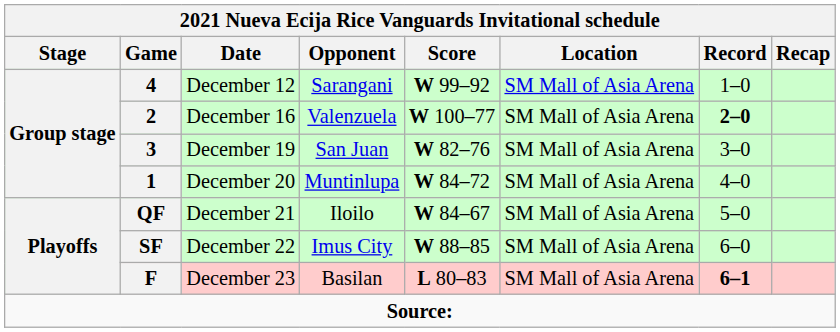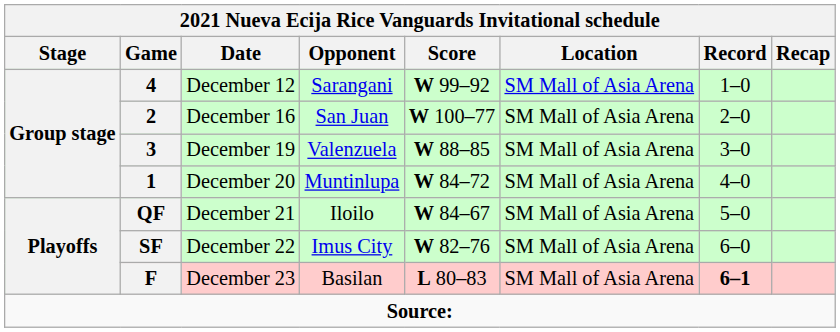 <table class="wikitable" style="text-align:center">
 <tr>
 <th colspan=8>2021 Nueva Ecija Rice Vanguards Invitational schedule</th>
 </tr>
 <tr>
 <th>Stage</th>
 <th>Game</th>
 <th>Date</th>
 <th>Opponent</th>
 <th>Score</th>
 <th>Location</th>
 <th>Record</th>
 <th>Recap<br></th>
 </tr>
 <tr style="background:#cfc">
 <th rowspan=4>Group stage</th>
 <th>4</th>
 <td>December 12</td>
 <td><a href='#'>Sarangani</a></td>
 <td><strong>W</strong> 99–92</td>
 <td><a href='#'>SM Mall of Asia Arena</a></td>
 <td>1–0</td>
 <td></td>
 </tr>
 <tr style="background:#cfc">
 <th>2</th>
 <td>December 16</td>
-<td><a href='#'>Valenzuela</a></td>
+<td><a href='#'>San Juan</a></td>
 <td><strong>W</strong> 100–77</td>
 <td>SM Mall of Asia Arena</td>
-<td><strong>2–0</strong></td>
+<td>2–0</td>
 <td></td>
 </tr>
 <tr style="background:#cfc">
 <th>3</th>
 <td>December 19</td>
-<td><a href='#'>San Juan</a></td>
-<td><strong>W</strong> 82–76</td>
+<td><a href='#'>Valenzuela</a></td>
+<td><strong>W</strong> 88–85</td>
 <td>SM Mall of Asia Arena</td>
 <td>3–0</td>
 <td></td>
 </tr>
 <tr style="background:#cfc">
 <th>1</th>
 <td>December 20</td>
 <td><a href='#'>Muntinlupa</a></td>
 <td><strong>W</strong> 84–72</td>
 <td>SM Mall of Asia Arena</td>
 <td>4–0</td>
 <td><br></td>
 </tr>
 <tr style="background:#cfc">
 <th rowspan=3>Playoffs</th>
 <th>QF</th>
 <td>December 21</td>
 <td>Iloilo</td>
 <td><strong>W</strong> 84–67</td>
 <td>SM Mall of Asia Arena</td>
 <td>5–0</td>
 <td></td>
 </tr>
 <tr style="background:#cfc">
 <th>SF</th>
 <td>December 22</td>
 <td><a href='#'>Imus City</a></td>
-<td><strong>W</strong> 88–85</td>
+<td><strong>W</strong> 82–76</td>
 <td>SM Mall of Asia Arena</td>
 <td>6–0</td>
 <td></td>
 </tr>
 <tr style="background:#fcc">
 <th>F</th>
 <td>December 23</td>
 <td>Basilan</td>
 <td><strong>L</strong> 80–83</td>
 <td>SM Mall of Asia Arena</td>
 <td><strong>6–1</strong></td>
 <td></td>
 </tr>
 <tr>
 <td colspan=8 align=center><strong>Source: </strong></td>
 </tr>
 </table>
